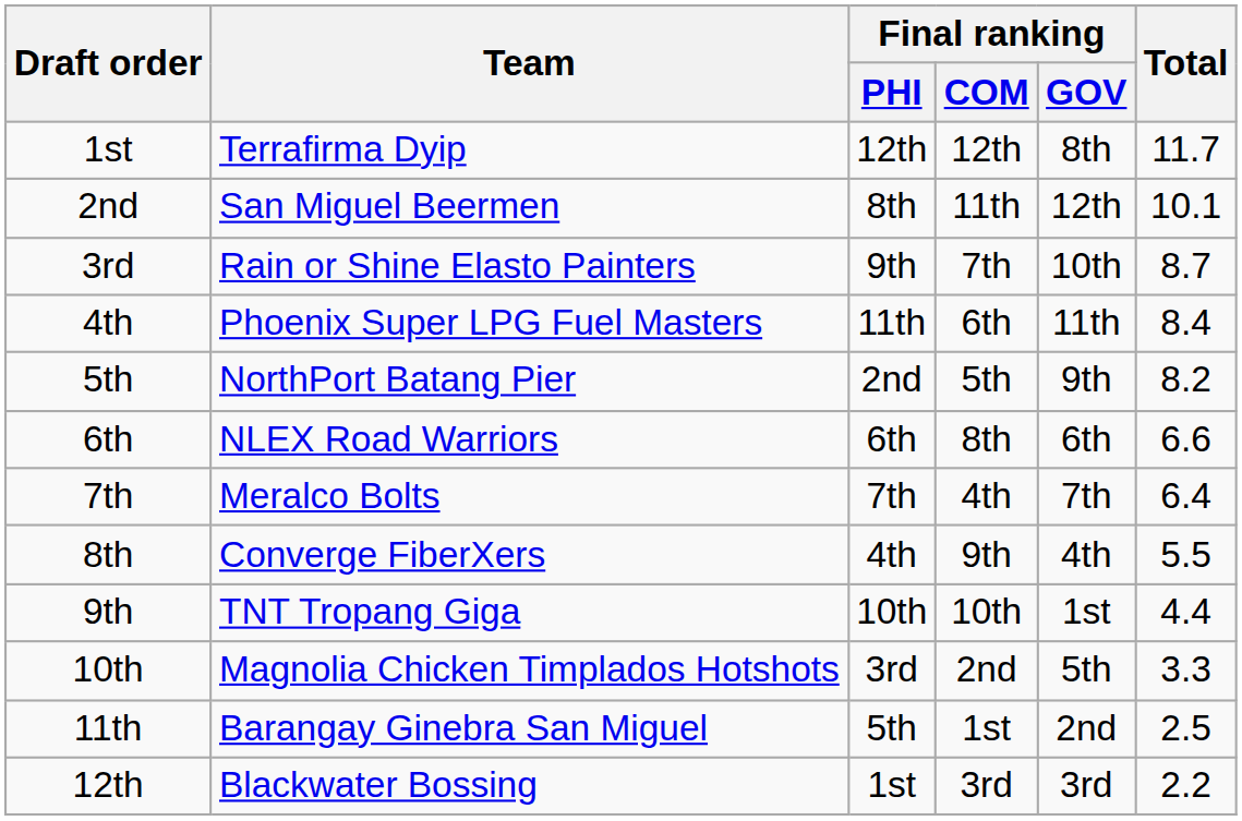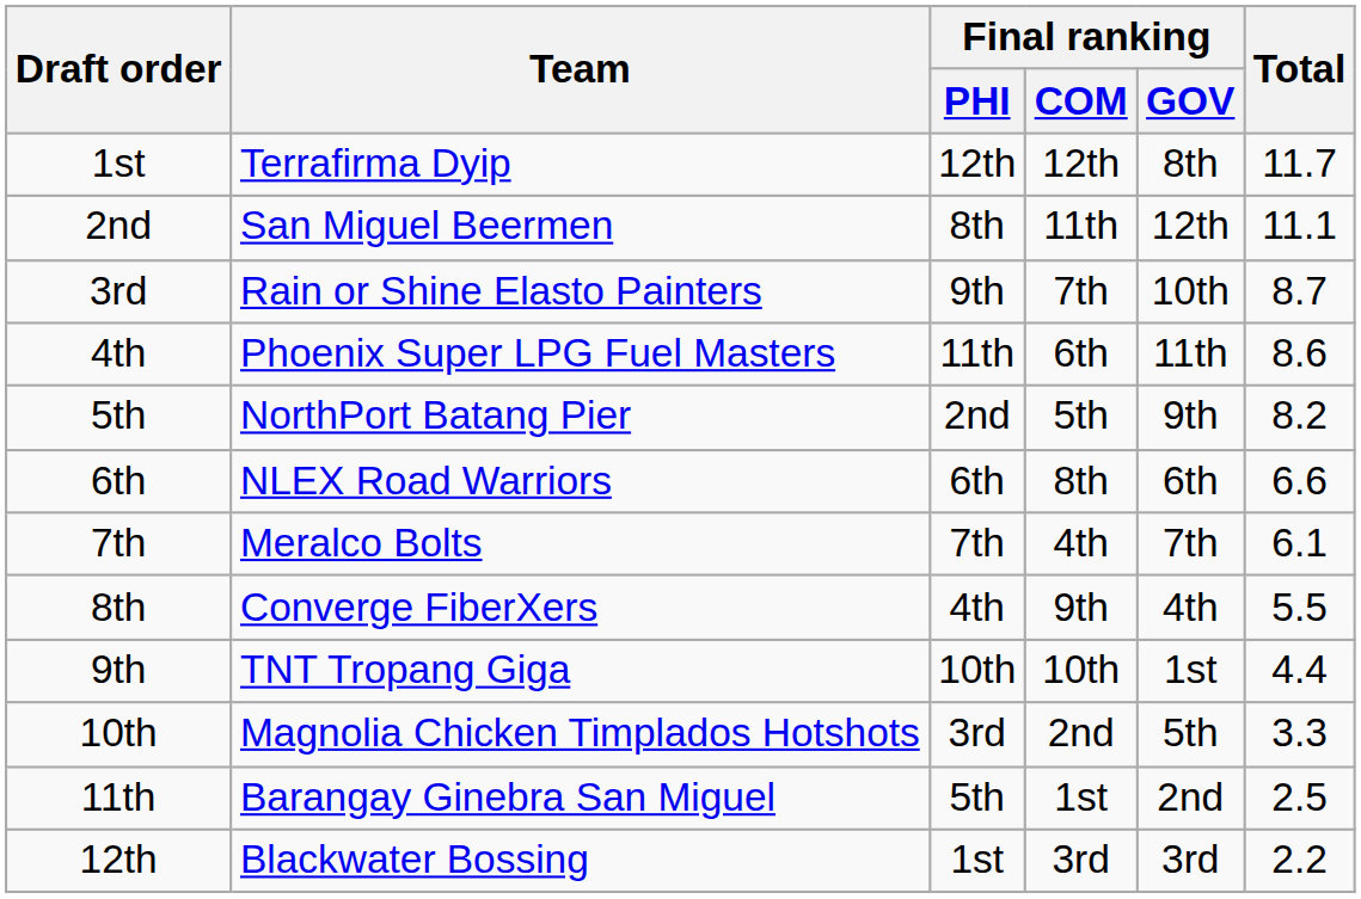 <table class=wikitable style="text-align:center;">
 <tr>
 <th rowspan=2>Draft order</th>
 <th rowspan=2>Team</th>
 <th colspan=3>Final ranking</th>
 <th rowspan=2>Total</th>
 </tr>
 <tr>
 <th><a href='#'>PHI</a></th>
 <th><a href='#'>COM</a></th>
 <th><a href='#'>GOV</a></th>
 </tr>
 <tr>
 <td>1st</td>
 <td align="left"><a href='#'>Terrafirma Dyip</a></td>
 <td>12th</td>
 <td>12th</td>
 <td>8th</td>
 <td>11.7</td>
 </tr>
 <tr>
 <td>2nd</td>
 <td align="left"><a href='#'>San Miguel Beermen</a></td>
 <td>8th</td>
 <td>11th</td>
 <td>12th</td>
-<td>10.1</td>
+<td>11.1</td>
 </tr>
 <tr>
 <td>3rd</td>
 <td align="left"><a href='#'>Rain or Shine Elasto Painters</a></td>
 <td>9th</td>
 <td>7th</td>
 <td>10th</td>
 <td>8.7</td>
 </tr>
 <tr>
 <td>4th</td>
 <td align="left"><a href='#'>Phoenix Super LPG Fuel Masters</a></td>
 <td>11th</td>
 <td>6th</td>
 <td>11th</td>
-<td>8.4</td>
+<td>8.6</td>
 </tr>
 <tr>
 <td>5th</td>
 <td align="left"><a href='#'>NorthPort Batang Pier</a></td>
 <td>2nd</td>
 <td>5th</td>
 <td>9th</td>
 <td>8.2</td>
 </tr>
 <tr>
 <td>6th</td>
 <td align="left"><a href='#'>NLEX Road Warriors</a></td>
 <td>6th</td>
 <td>8th</td>
 <td>6th</td>
 <td>6.6</td>
 </tr>
 <tr>
 <td>7th</td>
 <td align="left"><a href='#'>Meralco Bolts</a></td>
 <td>7th</td>
 <td>4th</td>
 <td>7th</td>
-<td>6.4</td>
+<td>6.1</td>
 </tr>
 <tr>
 <td>8th</td>
 <td align="left"><a href='#'>Converge FiberXers</a></td>
 <td>4th</td>
 <td>9th</td>
 <td>4th</td>
 <td>5.5</td>
 </tr>
 <tr>
 <td>9th</td>
 <td align="left"><a href='#'>TNT Tropang Giga</a></td>
 <td>10th</td>
 <td>10th</td>
 <td>1st</td>
 <td>4.4</td>
 </tr>
 <tr>
 <td>10th</td>
 <td align="left"><a href='#'>Magnolia Chicken Timplados Hotshots</a></td>
 <td>3rd</td>
 <td>2nd</td>
 <td>5th</td>
 <td>3.3</td>
 </tr>
 <tr>
 <td>11th</td>
 <td align="left"><a href='#'>Barangay Ginebra San Miguel</a></td>
 <td>5th</td>
 <td>1st</td>
 <td>2nd</td>
 <td>2.5</td>
 </tr>
 <tr>
 <td>12th</td>
 <td align="left"><a href='#'>Blackwater Bossing</a></td>
 <td>1st</td>
 <td>3rd</td>
 <td>3rd</td>
 <td>2.2</td>
 </tr>
 </table>
